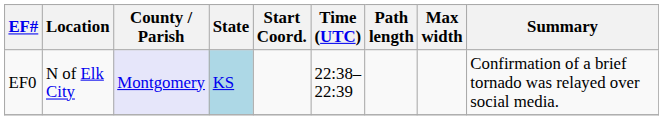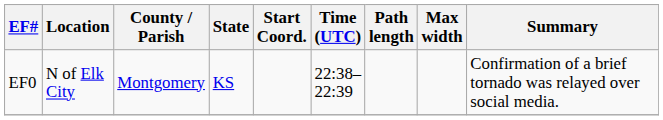 <table class="wikitable sortable" style="width:100%;">
 <tr>
 <th scope="col" style="width:3%; text-align:center;"><a href='#'>EF#</a></th>
 <th scope="col" style="width:7%; text-align:center;" class="unsortable">Location</th>
 <th scope="col" style="width:6%; text-align:center;" class="unsortable">County / Parish</th>
 <th scope="col" style="width:5%; text-align:center;">State</th>
 <th scope="col" style="width:6%; text-align:center;">Start Coord.</th>
 <th scope="col" style="width:6%; text-align:center;">Time (<a href='#'>UTC</a>)</th>
 <th scope="col" style="width:6%; text-align:center;">Path length</th>
 <th scope="col" style="width:6%; text-align:center;">Max width</th>
 <th scope="col" class="unsortable" style="width:48%; text-align:center;">Summary</th>
 </tr>
 <tr>
 <td bgcolor=>EF0</td>
 <td>N of <a href='#'>Elk City</a></td>
-<td style="background: lavender;"><a href='#'>Montgomery</a></td>
-<td style="background: lightblue;"><a href='#'>KS</a></td>
+<td><a href='#'>Montgomery</a></td>
+<td><a href='#'>KS</a></td>
 <td></td>
 <td>22:38–22:39</td>
 <td></td>
 <td></td>
 <td>Confirmation of a brief tornado was relayed over social media.</td>
 </tr>
 <tr>
 </tr>
 </table>
